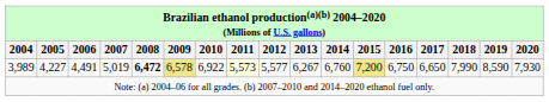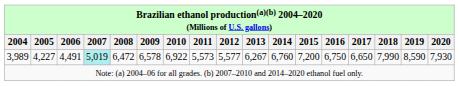 <table class="wikitable" style="float: right; text-align:center; margin-left: 10px">
 <tr>
 <th colspan="17"  style="text-align:center; background:#cfc;">Brazilian ethanol production<sup>(a)(b)</sup> 2004–2020<br><small>(Millions of <a href='#'>U.S. gallons</a>)</small></th>
 </tr>
 <tr>
 <th>2004</th>
 <th>2005</th>
 <th>2006</th>
 <th>2007</th>
 <th>2008</th>
 <th>2009</th>
 <th>2010</th>
 <th>2011</th>
 <th>2012</th>
 <th>2013</th>
 <th>2014</th>
 <th>2015</th>
 <th>2016</th>
 <th>2017</th>
 <th>2018</th>
 <th>2019</th>
 <th>2020</th>
 </tr>
 <tr>
 <td>3,989</td>
 <td>4,227</td>
 <td>4,491</td>
-<td>5,019</td>
-<td><strong>6,472</strong></td>
-<td style="background: khaki;">6,578</td>
+<td style="background: paleturquoise;">5,019</td>
+<td>6,472</td>
+<td>6,578</td>
 <td>6,922</td>
-<td style="background: lightyellow;">5,573</td>
+<td>5,573</td>
 <td>5,577</td>
 <td>6,267</td>
 <td>6,760</td>
-<td style="background: khaki;">7,200</td>
+<td>7,200</td>
 <td>6,750</td>
 <td>6,650</td>
 <td>7,990</td>
 <td>8,590</td>
 <td>7,930</td>
 </tr>
 <tr>
 <td colspan="17"><small>Note: (a) 2004–06 for all grades. (b) 2007–2010 and 2014–2020 ethanol fuel only.</small></td>
 </tr>
 </table>
